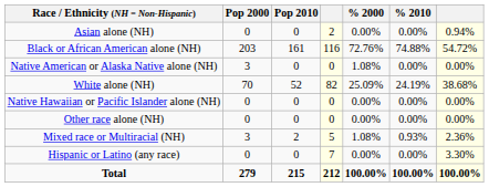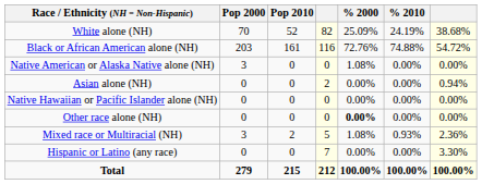 <table class="wikitable" style="text-align:center;">
 <tr>
 <th>Race / Ethnicity <small>(<em>NH = Non-Hispanic</em>)</small></th>
 <th>Pop 2000</th>
 <th>Pop 2010</th>
 <th></th>
 <th>% 2000</th>
 <th>% 2010</th>
 <th></th>
 </tr>
 <tr>
-<td><a href='#'>Asian</a> alone (NH)</td>
-<td>0</td>
-<td>0</td>
-<td style='background: #ffffe6;'>2</td>
-<td>0.00%</td>
-<td>0.00%</td>
-<td style='background: #ffffe6;'>0.94%</td>
+<td><a href='#'>White</a> alone (NH)</td>
+<td>70</td>
+<td>52</td>
+<td style='background: #ffffe6;'>82</td>
+<td>25.09%</td>
+<td>24.19%</td>
+<td style='background: #ffffe6;'>38.68%</td>
 </tr>
 <tr>
 <td><a href='#'>Black or African American</a> alone (NH)</td>
 <td>203</td>
 <td>161</td>
 <td style='background: #ffffe6;'>116</td>
 <td>72.76%</td>
 <td>74.88%</td>
 <td style='background: #ffffe6;'>54.72%</td>
 </tr>
 <tr>
 <td><a href='#'>Native American</a> or <a href='#'>Alaska Native</a> alone (NH)</td>
 <td>3</td>
 <td>0</td>
 <td style='background: #ffffe6;'>0</td>
 <td>1.08%</td>
 <td>0.00%</td>
 <td style='background: #ffffe6;'>0.00%</td>
 </tr>
 <tr>
-<td><a href='#'>White</a> alone (NH)</td>
-<td>70</td>
-<td>52</td>
-<td style='background: #ffffe6;'>82</td>
-<td>25.09%</td>
-<td>24.19%</td>
-<td style='background: #ffffe6;'>38.68%</td>
+<td><a href='#'>Asian</a> alone (NH)</td>
+<td>0</td>
+<td>0</td>
+<td style='background: #ffffe6;'>2</td>
+<td>0.00%</td>
+<td>0.00%</td>
+<td style='background: #ffffe6;'>0.94%</td>
 </tr>
 <tr>
 <td><a href='#'>Native Hawaiian</a> or <a href='#'>Pacific Islander</a> alone (NH)</td>
 <td>0</td>
 <td>0</td>
 <td style='background: #ffffe6;'>0</td>
 <td>0.00%</td>
 <td>0.00%</td>
 <td style='background: #ffffe6;'>0.00%</td>
 </tr>
 <tr>
 <td><a href='#'>Other race</a> alone (NH)</td>
 <td>0</td>
 <td>0</td>
 <td style='background: #ffffe6;'>0</td>
-<td>0.00%</td>
+<td><strong>0.00%</strong></td>
 <td>0.00%</td>
 <td style='background: #ffffe6;'>0.00%</td>
 </tr>
 <tr>
 <td><a href='#'>Mixed race or Multiracial</a> (NH)</td>
 <td>3</td>
 <td>2</td>
 <td style='background: #ffffe6;'>5</td>
 <td>1.08%</td>
 <td>0.93%</td>
 <td style='background: #ffffe6;'>2.36%</td>
 </tr>
 <tr>
 <td><a href='#'>Hispanic or Latino</a> (any race)</td>
 <td>0</td>
 <td>0</td>
 <td style='background: #ffffe6;'>7</td>
 <td>0.00%</td>
 <td>0.00%</td>
 <td style='background: #ffffe6;'>3.30%</td>
 </tr>
 <tr>
 <td><strong>Total</strong></td>
 <td><strong>279</strong></td>
 <td><strong>215</strong></td>
 <td style='background: #ffffe6;'><strong>212</strong></td>
 <td><strong>100.00%</strong></td>
 <td><strong>100.00%</strong></td>
 <td style='background: #ffffe6;'><strong>100.00%</strong></td>
 </tr>
 </table>
